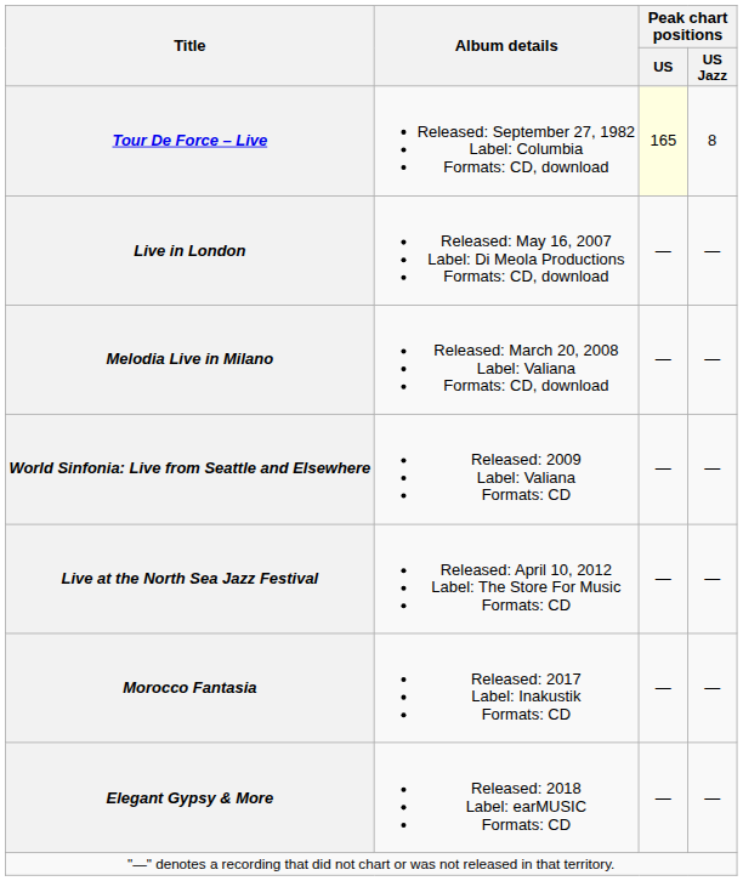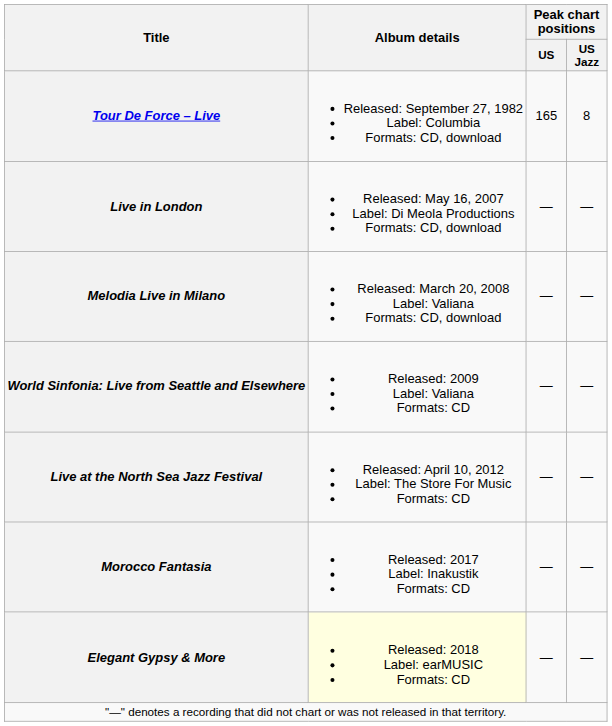 <table class="wikitable plainrowheaders" style="text-align:center;">
 <tr>
 <th scope="col" rowspan="2">Title</th>
 <th scope="col" rowspan="2">Album details</th>
 <th scope="col" colspan="2">Peak chart positions</th>
 </tr>
 <tr>
 <th scope="col" style="width:3em;font-size:90%;">US<br></th>
 <th scope="col" style="width:3em;font-size:90%;">US Jazz<br></th>
 </tr>
 <tr>
 <th scope="row"><em><a href='#'>Tour De Force – Live</a></em></th>
 <td><br><ul><li>Released: September 27, 1982</li><li>Label: Columbia</li><li>Formats: CD, download</li></ul></td>
-<td style="background: lightyellow;">165</td>
+<td>165</td>
 <td>8</td>
 </tr>
 <tr>
 <th scope="row"><em>Live in London</em></th>
 <td><br><ul><li>Released: May 16, 2007</li><li>Label: Di Meola Productions</li><li>Formats: CD, download</li></ul></td>
 <td>—</td>
 <td>—</td>
 </tr>
 <tr>
 <th scope="row"><em>Melodia Live in Milano</em></th>
 <td><br><ul><li>Released: March 20, 2008</li><li>Label: Valiana</li><li>Formats: CD, download</li></ul></td>
 <td>—</td>
 <td>—</td>
 </tr>
 <tr>
 <th scope="row"><em>World Sinfonia: Live from Seattle and Elsewhere</em></th>
 <td><br><ul><li>Released: 2009</li><li>Label: Valiana</li><li>Formats: CD</li></ul></td>
 <td>—</td>
 <td>—</td>
 </tr>
 <tr>
 <th scope="row"><em>Live at the North Sea Jazz Festival</em></th>
 <td><br><ul><li>Released: April 10, 2012</li><li>Label: The Store For Music</li><li>Formats: CD</li></ul></td>
 <td>—</td>
 <td>—</td>
 </tr>
 <tr>
 <th scope="row"><em>Morocco Fantasia</em></th>
 <td><br><ul><li>Released: 2017</li><li>Label: Inakustik</li><li>Formats: CD</li></ul></td>
 <td>—</td>
 <td>—</td>
 </tr>
 <tr>
 <th scope="row"><em>Elegant Gypsy & More</em></th>
-<td><br><ul><li>Released: 2018</li><li>Label: earMUSIC</li><li>Formats: CD</li></ul></td>
+<td style="background: lightyellow;"><br><ul><li>Released: 2018</li><li>Label: earMUSIC</li><li>Formats: CD</li></ul></td>
 <td>—</td>
 <td>—</td>
 </tr>
 <tr>
 <td colspan="15" style="font-size:90%">"—" denotes a recording that did not chart or was not released in that territory.</td>
 </tr>
 </table>
